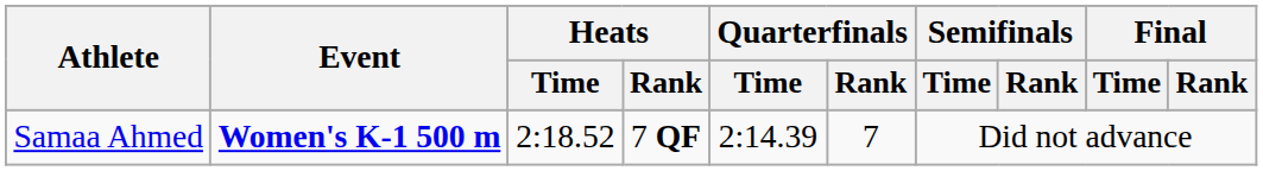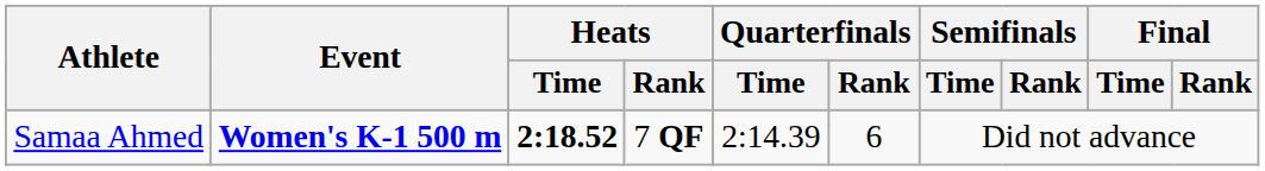 <table class=wikitable style="font-size:90%">
 <tr>
 <th rowspan="2">Athlete</th>
 <th rowspan="2">Event</th>
 <th colspan=2>Heats</th>
 <th colspan=2>Quarterfinals</th>
 <th colspan=2>Semifinals</th>
 <th colspan=2>Final</th>
 </tr>
 <tr style="font-size:95%">
 <th>Time</th>
 <th>Rank</th>
 <th>Time</th>
 <th>Rank</th>
 <th>Time</th>
 <th>Rank</th>
 <th>Time</th>
 <th>Rank</th>
 </tr>
 <tr align=center>
 <td align=left><a href='#'>Samaa Ahmed</a></td>
 <td align=left><strong><a href='#'>Women's K-1 500 m</a></strong></td>
-<td>2:18.52</td>
+<td><strong>2:18.52</strong></td>
 <td>7 <strong>QF</strong></td>
 <td>2:14.39</td>
-<td>7</td>
+<td>6</td>
 <td colspan="4">Did not advance</td>
 </tr>
 </table>
